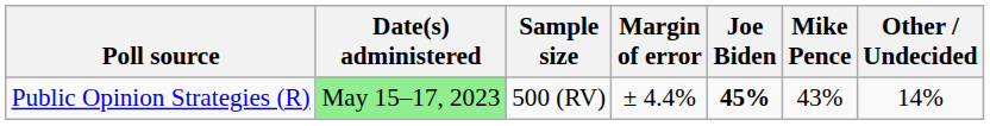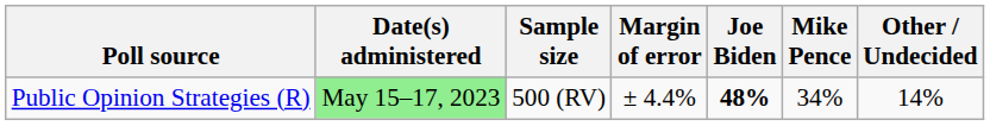 <table class="wikitable sortable mw-datatable" style="font-size:90%;text-align:center;line-height:17px">
 <tr valign=bottom>
 <th>Poll source</th>
 <th>Date(s)<br>administered</th>
 <th>Sample<br>size</th>
 <th>Margin<br>of error</th>
 <th class="unsortable">Joe<br>Biden<br></th>
 <th class="unsortable">Mike<br>Pence<br></th>
 <th class="unsortable">Other /<br>Undecided</th>
 </tr>
 <tr>
 <td style="text-align:left;"><a href='#'>Public Opinion Strategies (R)</a></td>
 <td data-sort-value="2023-05-17" style="background: lightgreen;">May 15–17, 2023</td>
 <td>500 (RV)</td>
 <td>± 4.4%</td>
-<td style="color:black;background-color:"><strong>45%</strong></td>
-<td>43%</td>
+<td style="color:black;background-color:"><strong>48%</strong></td>
+<td>34%</td>
 <td>14%</td>
 </tr>
 </table>
